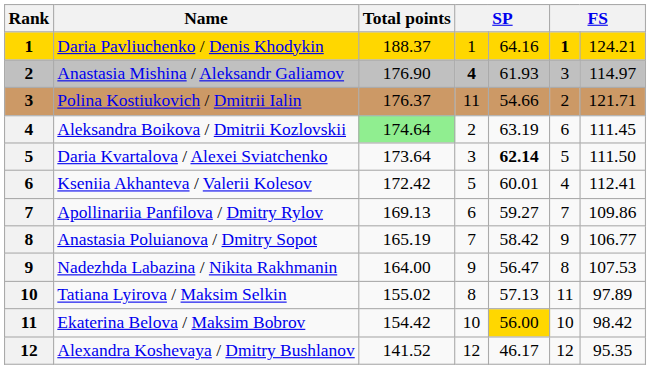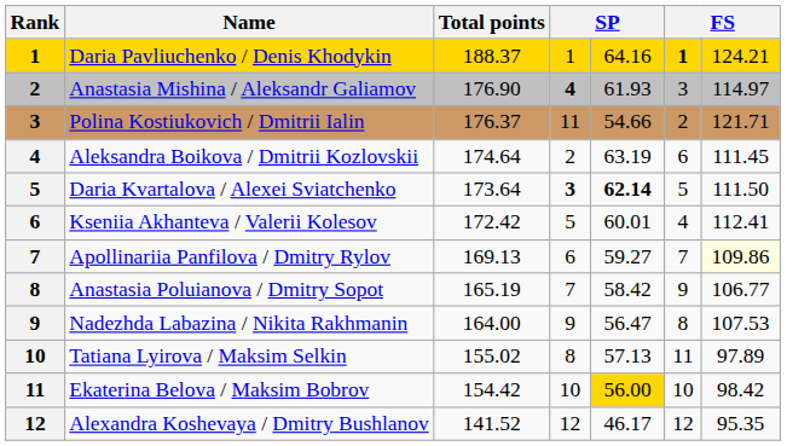 <table class="wikitable sortable">
 <tr>
 <th>Rank</th>
 <th>Name</th>
 <th>Total points</th>
 <th colspan="2" width="80px"><a href='#'>SP</a></th>
 <th colspan="2" width="80px"><a href='#'>FS</a></th>
 </tr>
 <tr bgcolor="gold">
 <td align="center"><strong>1</strong></td>
 <td><a href='#'>Daria Pavliuchenko</a> / <a href='#'>Denis Khodykin</a></td>
 <td align="center">188.37</td>
 <td align="center">1</td>
 <td align="center">64.16</td>
 <td align="center"><strong>1</strong></td>
 <td align="center">124.21</td>
 </tr>
 <tr bgcolor="silver">
 <td align="center"><strong>2</strong></td>
 <td><a href='#'>Anastasia Mishina</a> / <a href='#'>Aleksandr Galiamov</a></td>
 <td align="center">176.90</td>
 <td align="center"><strong>4</strong></td>
 <td align="center">61.93</td>
 <td align="center">3</td>
 <td align="center">114.97</td>
 </tr>
 <tr bgcolor="cc9966">
 <td align="center"><strong>3</strong></td>
 <td><a href='#'>Polina Kostiukovich</a> / <a href='#'>Dmitrii Ialin</a></td>
 <td align="center">176.37</td>
 <td align="center">11</td>
 <td align="center">54.66</td>
 <td align="center">2</td>
 <td align="center">121.71</td>
 </tr>
 <tr>
 <th>4</th>
 <td><a href='#'>Aleksandra Boikova</a> / <a href='#'>Dmitrii Kozlovskii</a></td>
-<td align="center" style="background: lightgreen;">174.64</td>
+<td align="center">174.64</td>
 <td align="center">2</td>
 <td align="center">63.19</td>
 <td align="center">6</td>
 <td align="center">111.45</td>
 </tr>
 <tr>
 <th>5</th>
 <td><a href='#'>Daria Kvartalova</a> / <a href='#'>Alexei Sviatchenko</a></td>
 <td align="center">173.64</td>
-<td align="center">3</td>
+<td align="center"><strong>3</strong></td>
 <td align="center"><strong>62.14</strong></td>
 <td align="center">5</td>
 <td align="center">111.50</td>
 </tr>
 <tr>
 <th>6</th>
 <td><a href='#'>Kseniia Akhanteva</a> / <a href='#'>Valerii Kolesov</a></td>
 <td align="center">172.42</td>
 <td align="center">5</td>
 <td align="center">60.01</td>
 <td align="center">4</td>
 <td align="center">112.41</td>
 </tr>
 <tr>
 <th>7</th>
 <td><a href='#'>Apollinariia Panfilova</a> / <a href='#'>Dmitry Rylov</a></td>
 <td align="center">169.13</td>
 <td align="center">6</td>
 <td align="center">59.27</td>
 <td align="center">7</td>
-<td align="center">109.86</td>
+<td align="center" style="background: lightyellow;">109.86</td>
 </tr>
 <tr>
 <th>8</th>
 <td><a href='#'>Anastasia Poluianova</a> / <a href='#'>Dmitry Sopot</a></td>
 <td align="center">165.19</td>
 <td align="center">7</td>
 <td align="center">58.42</td>
 <td align="center">9</td>
 <td align="center">106.77</td>
 </tr>
 <tr>
 <th>9</th>
 <td><a href='#'>Nadezhda Labazina</a> / <a href='#'>Nikita Rakhmanin</a></td>
 <td align="center">164.00</td>
 <td align="center">9</td>
 <td align="center">56.47</td>
 <td align="center">8</td>
 <td align="center">107.53</td>
 </tr>
 <tr>
 <th>10</th>
 <td><a href='#'>Tatiana Lyirova</a> / <a href='#'>Maksim Selkin</a></td>
 <td align="center">155.02</td>
 <td align="center">8</td>
 <td align="center">57.13</td>
 <td align="center">11</td>
 <td align="center">97.89</td>
 </tr>
 <tr>
 <th>11</th>
 <td><a href='#'>Ekaterina Belova</a> / <a href='#'>Maksim Bobrov</a></td>
 <td align="center">154.42</td>
 <td align="center">10</td>
 <td align="center" style="background: gold;">56.00</td>
 <td align="center">10</td>
 <td align="center">98.42</td>
 </tr>
 <tr>
 <th>12</th>
 <td><a href='#'>Alexandra Koshevaya</a> / <a href='#'>Dmitry Bushlanov</a></td>
 <td align="center">141.52</td>
 <td align="center">12</td>
 <td align="center">46.17</td>
 <td align="center">12</td>
 <td align="center">95.35</td>
 </tr>
 </table>
